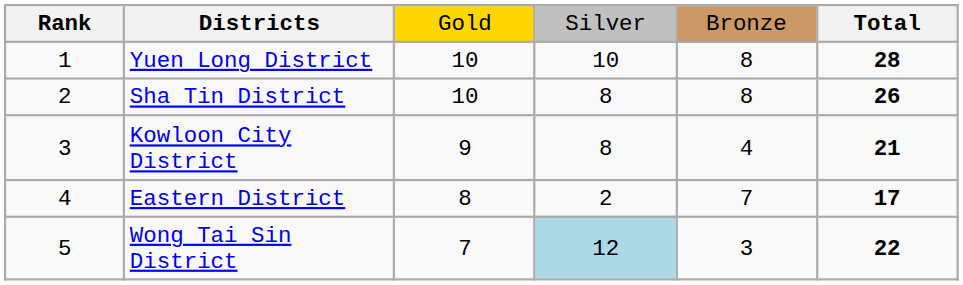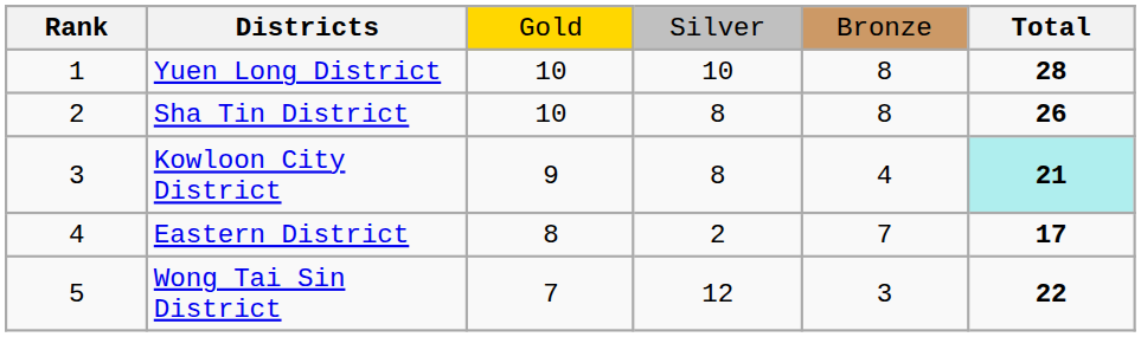 <table class="wikitable" style="text-align:center; font-size:80%">
 <tr>
 <th width=50>Rank</th>
 <th width=120>Districts</th>
 <td bgcolor=gold width=60>Gold</td>
 <td bgcolor=silver width=60>Silver</td>
 <td bgcolor=#cc9966 width=60>Bronze</td>
 <th width=60>Total</th>
 </tr>
 <tr>
 <td>1</td>
 <td align=left><a href='#'>Yuen Long District</a></td>
 <td>10</td>
 <td>10</td>
 <td>8</td>
 <td><strong>28</strong></td>
 </tr>
 <tr>
 <td>2</td>
 <td align=left><a href='#'>Sha Tin District</a></td>
 <td>10</td>
 <td>8</td>
 <td>8</td>
 <td><strong>26</strong></td>
 </tr>
 <tr>
 <td>3</td>
 <td align=left><a href='#'>Kowloon City District</a></td>
 <td>9</td>
 <td>8</td>
 <td>4</td>
-<td><strong>21</strong></td>
+<td style="background: paleturquoise;"><strong>21</strong></td>
 </tr>
 <tr>
 <td>4</td>
 <td align=left><a href='#'>Eastern District</a></td>
 <td>8</td>
 <td>2</td>
 <td>7</td>
 <td><strong>17</strong></td>
 </tr>
 <tr>
 <td>5</td>
 <td align=left><a href='#'>Wong Tai Sin District</a></td>
 <td>7</td>
-<td style="background: lightblue;">12</td>
+<td>12</td>
 <td>3</td>
 <td><strong>22</strong></td>
 </tr>
 </table>
